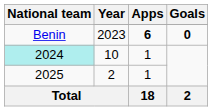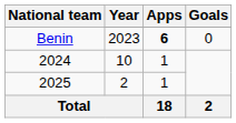 <table class="wikitable" style="text-align:center">
 <tr>
 <th>National team</th>
 <th>Year</th>
 <th>Apps</th>
 <th>Goals</th>
 </tr>
 <tr>
 <td rowspan=2><a href='#'>Benin</a></td>
 </tr>
 <tr>
 <td>2023</td>
 <td><strong>6</strong></td>
-<td><strong>0</strong></td>
+<td>0</td>
 </tr>
 <tr>
-<td style="background: paleturquoise;">2024</td>
+<td>2024</td>
 <td>10</td>
 <td>1</td>
 </tr>
 <tr>
 <td>2025</td>
 <td>2</td>
 <td>1</td>
 </tr>
 <tr>
 <th colspan=2>Total</th>
 <th>18</th>
 <th>2</th>
 </tr>
 </table>
